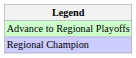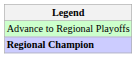 <table class="wikitable">
 <tr>
 <th>Legend</th>
 </tr>
 <tr style="background:#cfc;">
 <td>Advance to Regional Playoffs</td>
 </tr>
 <tr style="background:#ccf;">
-<td>Regional Champion</td>
+<td><strong>Regional Champion</strong></td>
 </tr>
 </table>
